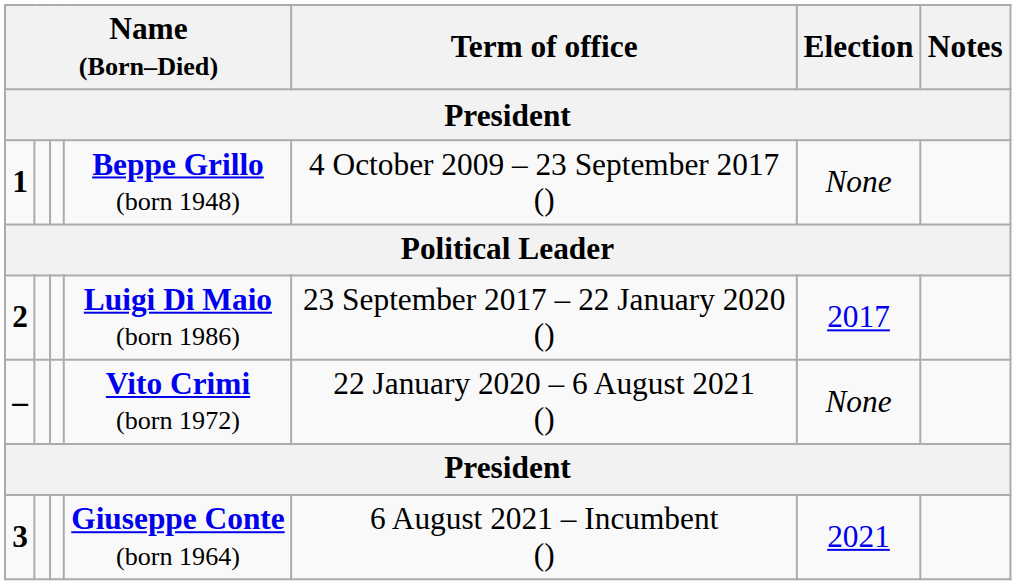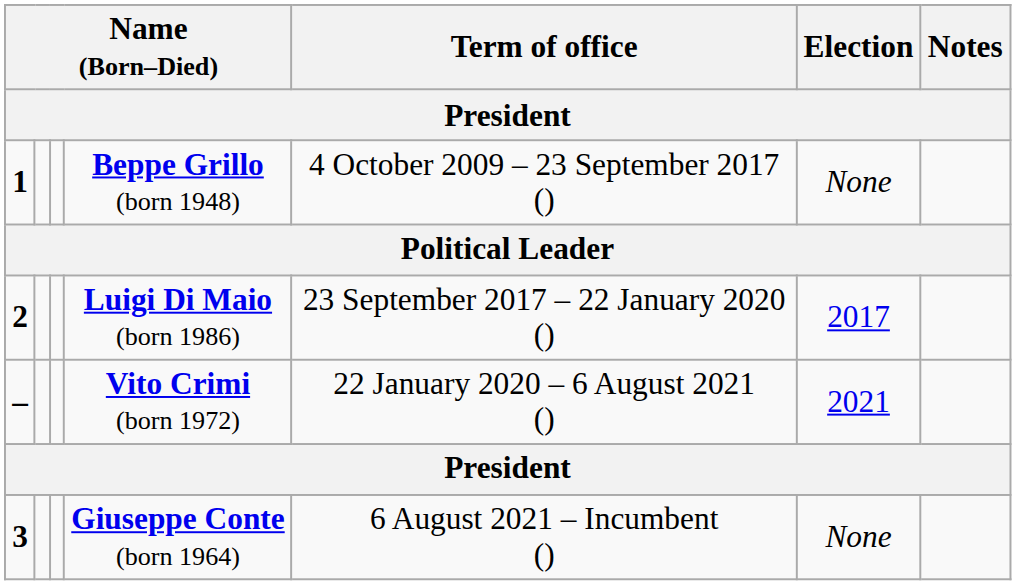 <table class="wikitable" style="text-align:center; border:1px #AAAAFF solid">
 <tr>
 <th colspan="4">Name<br><small>(Born–Died)</small></th>
 <th width=250px>Term of office</th>
 <th>Election</th>
 <th>Notes</th>
 </tr>
 <tr>
 <th colspan=7>President</th>
 </tr>
 <tr>
 <td><strong>1</strong></td>
 <td style="background: "></td>
 <td></td>
 <td><strong><a href='#'>Beppe Grillo</a></strong><br><small>(born 1948)</small></td>
 <td>4 October 2009 – 23 September 2017<br>()</td>
 <td><em>None</em></td>
 <td></td>
 </tr>
 <tr>
 <th colspan=7>Political Leader</th>
 </tr>
 <tr>
 <td><strong>2</strong></td>
 <td style="background: "></td>
 <td></td>
 <td><strong><a href='#'>Luigi Di Maio</a></strong><br><small>(born 1986)</small></td>
 <td>23 September 2017 – 22 January 2020<br>()</td>
 <td><a href='#'>2017</a></td>
 <td></td>
 </tr>
 <tr>
 <td><strong>–</strong></td>
 <td style="background: "></td>
 <td></td>
 <td><strong><a href='#'>Vito Crimi</a></strong><br><small>(born 1972)</small></td>
 <td>22 January 2020 – 6 August 2021<br>()</td>
-<td><em>None</em></td>
+<td><a href='#'>2021</a></td>
 <td></td>
 </tr>
 <tr>
 <th colspan=7>President</th>
 </tr>
 <tr>
 <td><strong>3</strong></td>
 <td style="background: "></td>
 <td></td>
 <td><strong><a href='#'>Giuseppe Conte</a></strong><br><small>(born 1964)</small></td>
 <td>6 August 2021 – Incumbent<br>()</td>
-<td><a href='#'>2021</a></td>
+<td><em>None</em></td>
 <td></td>
 </tr>
 </table>
